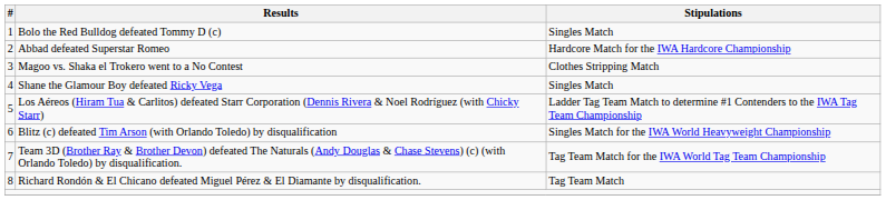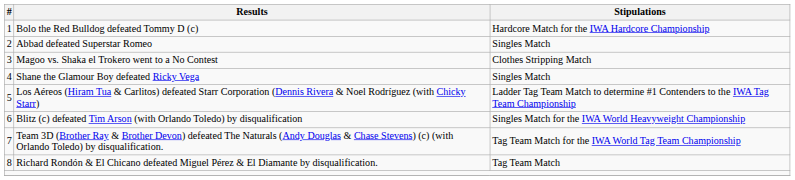 <table class="wikitable">
 <tr>
 <th>#</th>
 <th>Results</th>
 <th>Stipulations</th>
 </tr>
 <tr>
 <td>1</td>
 <td>Bolo the Red Bulldog defeated Tommy D (c)</td>
-<td>Singles Match</td>
+<td>Hardcore Match for the <a href='#'>IWA Hardcore Championship</a></td>
 </tr>
 <tr>
 <td>2</td>
 <td>Abbad defeated Superstar Romeo</td>
-<td>Hardcore Match for the <a href='#'>IWA Hardcore Championship</a></td>
+<td>Singles Match</td>
 </tr>
 <tr>
 <td>3</td>
 <td>Magoo vs. Shaka el Trokero went to a No Contest</td>
 <td>Clothes Stripping Match</td>
 </tr>
 <tr>
 <td>4</td>
 <td>Shane the Glamour Boy defeated <a href='#'>Ricky Vega</a></td>
 <td>Singles Match</td>
 </tr>
 <tr>
 <td>5</td>
 <td>Los Aéreos (<a href='#'>Hiram Tua</a> & Carlitos) defeated Starr Corporation (<a href='#'>Dennis Rivera</a> & Noel Rodríguez (with <a href='#'>Chicky Starr</a>)</td>
 <td>Ladder Tag Team Match to determine #1 Contenders to the <a href='#'>IWA Tag Team Championship</a></td>
 </tr>
 <tr>
 <td>6</td>
 <td>Blitz (c) defeated <a href='#'>Tim Arson</a> (with Orlando Toledo) by disqualification</td>
 <td>Singles Match for the <a href='#'>IWA World Heavyweight Championship</a></td>
 </tr>
 <tr>
 <td>7</td>
 <td>Team 3D (<a href='#'>Brother Ray</a> & <a href='#'>Brother Devon</a>) defeated The Naturals (<a href='#'>Andy Douglas</a> & <a href='#'>Chase Stevens</a>) (c) (with Orlando Toledo) by disqualification.</td>
 <td>Tag Team Match for the <a href='#'>IWA World Tag Team Championship</a></td>
 </tr>
 <tr>
 <td>8</td>
 <td>Richard Rondón & El Chicano defeated Miguel Pérez & El Diamante by disqualification.</td>
 <td>Tag Team Match</td>
 </tr>
 <tr>
 <td colspan="10"></td>
 </tr>
 <tr>
 </tr>
 </table>
